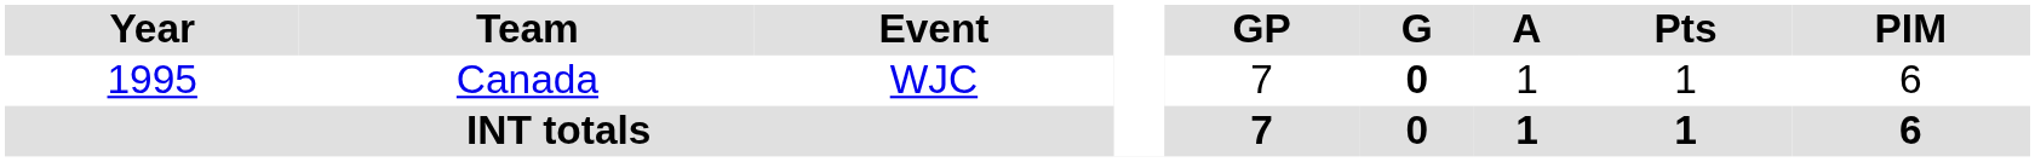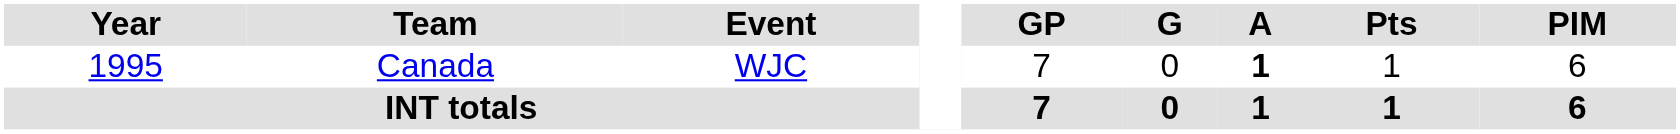 <table border="0" cellpadding="1" cellspacing="0" style="text-align:center; width:50em">
 <tr ALIGN="center" bgcolor="#e0e0e0">
 <th>Year</th>
 <th>Team</th>
 <th>Event</th>
 <th ALIGN="center" rowspan="99" bgcolor="#ffffff"> </th>
 <th>GP</th>
 <th>G</th>
 <th>A</th>
 <th>Pts</th>
 <th>PIM</th>
 </tr>
 <tr>
 <td><a href='#'>1995</a></td>
 <td><a href='#'>Canada</a></td>
 <td><a href='#'>WJC</a></td>
 <td>7</td>
-<td><strong>0</strong></td>
-<td>1</td>
+<td>0</td>
+<td><strong>1</strong></td>
 <td>1</td>
 <td>6</td>
 </tr>
 <tr>
 </tr>
 <tr bgcolor="#e0e0e0">
 <th colspan="3">INT totals</th>
 <th>7</th>
 <th>0</th>
 <th>1</th>
 <th>1</th>
 <th>6</th>
 </tr>
 </table>
